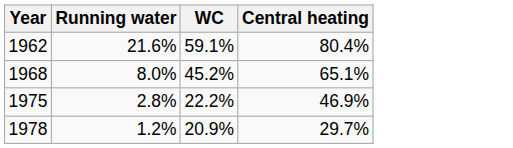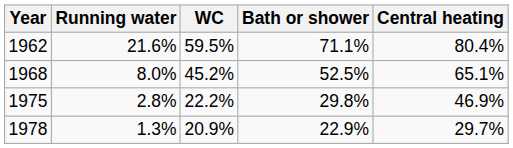 <table class="wikitable sortable" style="text-align: right; display: inline-table;">
 <tr>
 <th>Year</th>
 <th>Running water</th>
 <th>WC</th>
+<th>Bath or shower</th>
 <th>Central heating</th>
 </tr>
 <tr>
 <td>1962</td>
 <td>21.6%</td>
-<td>59.1%</td>
+<td>59.5%</td>
+<td>71.1%</td>
 <td>80.4%</td>
 </tr>
 <tr>
 <td>1968</td>
 <td>8.0%</td>
 <td>45.2%</td>
+<td>52.5%</td>
 <td>65.1%</td>
 </tr>
 <tr>
 <td>1975</td>
 <td>2.8%</td>
 <td>22.2%</td>
+<td>29.8%</td>
 <td>46.9%</td>
 </tr>
 <tr>
 <td>1978</td>
-<td>1.2%</td>
+<td>1.3%</td>
 <td>20.9%</td>
+<td>22.9%</td>
 <td>29.7%</td>
 </tr>
 </table>
